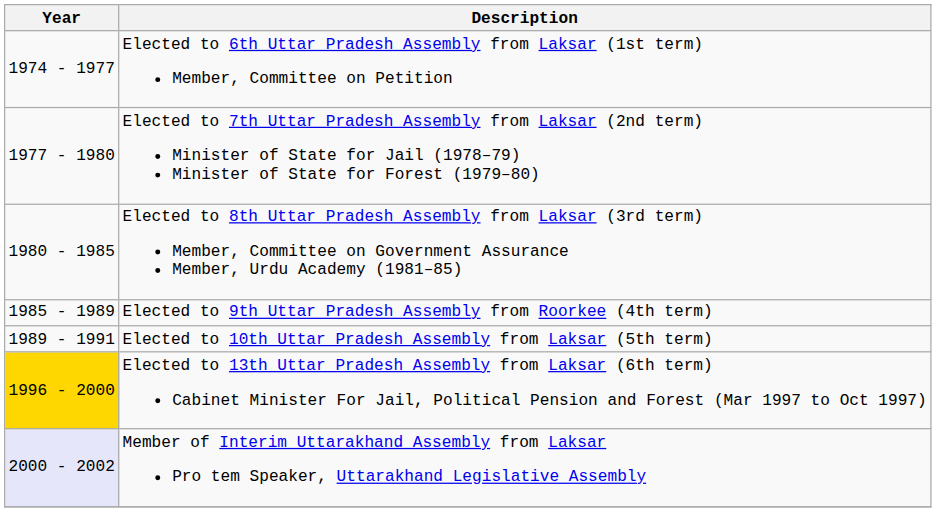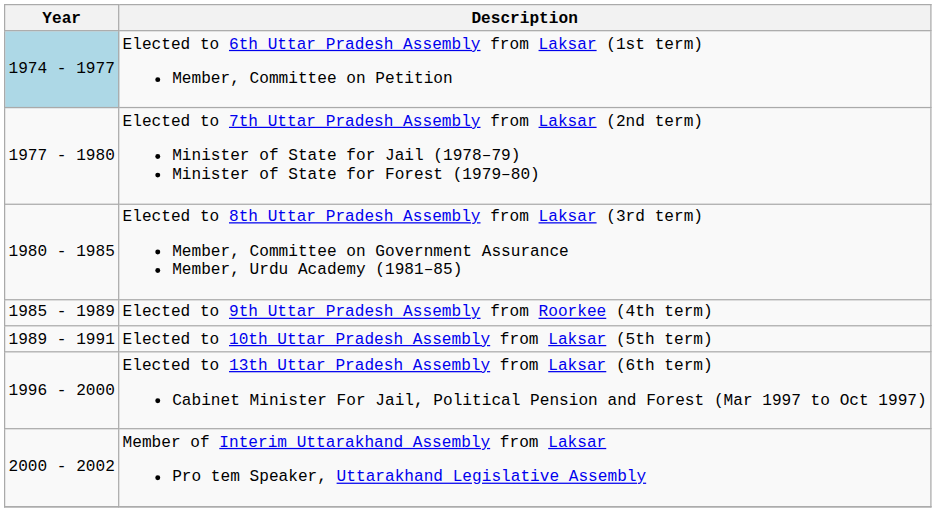 <table class="wikitable">
 <tr>
 <th>Year</th>
 <th>Description</th>
 </tr>
 <tr>
-<td>1974 - 1977</td>
+<td style="background: lightblue;">1974 - 1977</td>
 <td>Elected to <a href='#'>6th Uttar Pradesh Assembly</a> from <a href='#'>Laksar</a> (1st term)<br><ul><li>Member, Committee on Petition</li></ul></td>
 </tr>
 <tr>
 <td>1977 - 1980</td>
 <td>Elected to <a href='#'>7th Uttar Pradesh Assembly</a> from <a href='#'>Laksar</a> (2nd term)<br><ul><li>Minister of State for Jail (1978–79)</li><li>Minister of State for Forest (1979–80)</li></ul></td>
 </tr>
 <tr>
 <td>1980 - 1985</td>
 <td>Elected to <a href='#'>8th Uttar Pradesh Assembly</a> from <a href='#'>Laksar</a> (3rd term)<br><ul><li>Member, Committee on Government Assurance</li><li>Member, Urdu Academy (1981–85)</li></ul></td>
 </tr>
 <tr>
 <td>1985 - 1989</td>
 <td>Elected to <a href='#'>9th Uttar Pradesh Assembly</a> from <a href='#'>Roorkee</a> (4th term)</td>
 </tr>
 <tr>
 <td>1989 - 1991</td>
 <td>Elected to <a href='#'>10th Uttar Pradesh Assembly</a> from <a href='#'>Laksar</a> (5th term)</td>
 </tr>
 <tr>
-<td style="background: gold;">1996 - 2000</td>
+<td>1996 - 2000</td>
 <td>Elected to <a href='#'>13th Uttar Pradesh Assembly</a> from <a href='#'>Laksar</a> (6th term)<br><ul><li>Cabinet Minister For Jail, Political Pension and Forest (Mar 1997 to Oct 1997)</li></ul></td>
 </tr>
 <tr>
-<td style="background: lavender;">2000 - 2002</td>
+<td>2000 - 2002</td>
 <td>Member of <a href='#'>Interim Uttarakhand Assembly</a> from <a href='#'>Laksar</a><br><ul><li>Pro tem Speaker, <a href='#'>Uttarakhand Legislative Assembly</a></li></ul></td>
 </tr>
 <tr>
 </tr>
 </table>
